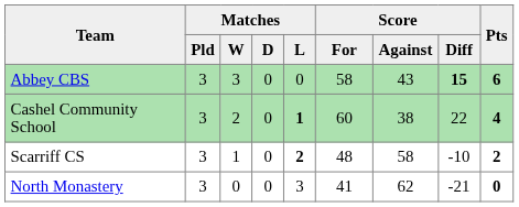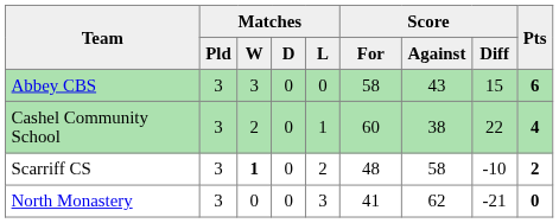 <table style=border-collapse:collapse border=1 cellspacing=0 cellpadding=5>
 <tr align=center bgcolor=#efefef>
 <th rowspan=2 width=165>Team</th>
 <th colspan=4>Matches</th>
 <th colspan=3>Score</th>
 <th rowspan=2width=20>Pts</th>
 </tr>
 <tr align=center bgcolor=#efefef>
 <th width=20>Pld</th>
 <th width=20>W</th>
 <th width=20>D</th>
 <th width=20>L</th>
 <th width=45>For</th>
 <th width=45>Against</th>
 <th width=30>Diff</th>
 </tr>
 <tr align=center style="background:#ACE1AF;">
 <td style="text-align:left;"><a href='#'>Abbey CBS</a></td>
 <td>3</td>
 <td>3</td>
 <td>0</td>
 <td>0</td>
 <td>58</td>
 <td>43</td>
-<td><strong>15</strong></td>
+<td>15</td>
 <td><strong>6</strong></td>
 </tr>
 <tr align=center style="background:#ACE1AF;">
 <td style="text-align:left;">Cashel Community School</td>
 <td>3</td>
 <td>2</td>
 <td>0</td>
-<td><strong>1</strong></td>
+<td>1</td>
 <td>60</td>
 <td>38</td>
 <td>22</td>
 <td><strong>4</strong></td>
 </tr>
 <tr align=center>
 <td style="text-align:left;">Scarriff CS</td>
 <td>3</td>
-<td>1</td>
+<td><strong>1</strong></td>
 <td>0</td>
-<td><strong>2</strong></td>
+<td>2</td>
 <td>48</td>
 <td>58</td>
 <td>-10</td>
 <td><strong>2</strong></td>
 </tr>
 <tr align=center>
 <td style="text-align:left;"><a href='#'>North Monastery</a></td>
 <td>3</td>
 <td>0</td>
 <td>0</td>
 <td>3</td>
 <td>41</td>
 <td>62</td>
 <td>-21</td>
 <td><strong>0</strong></td>
 </tr>
 </table>
